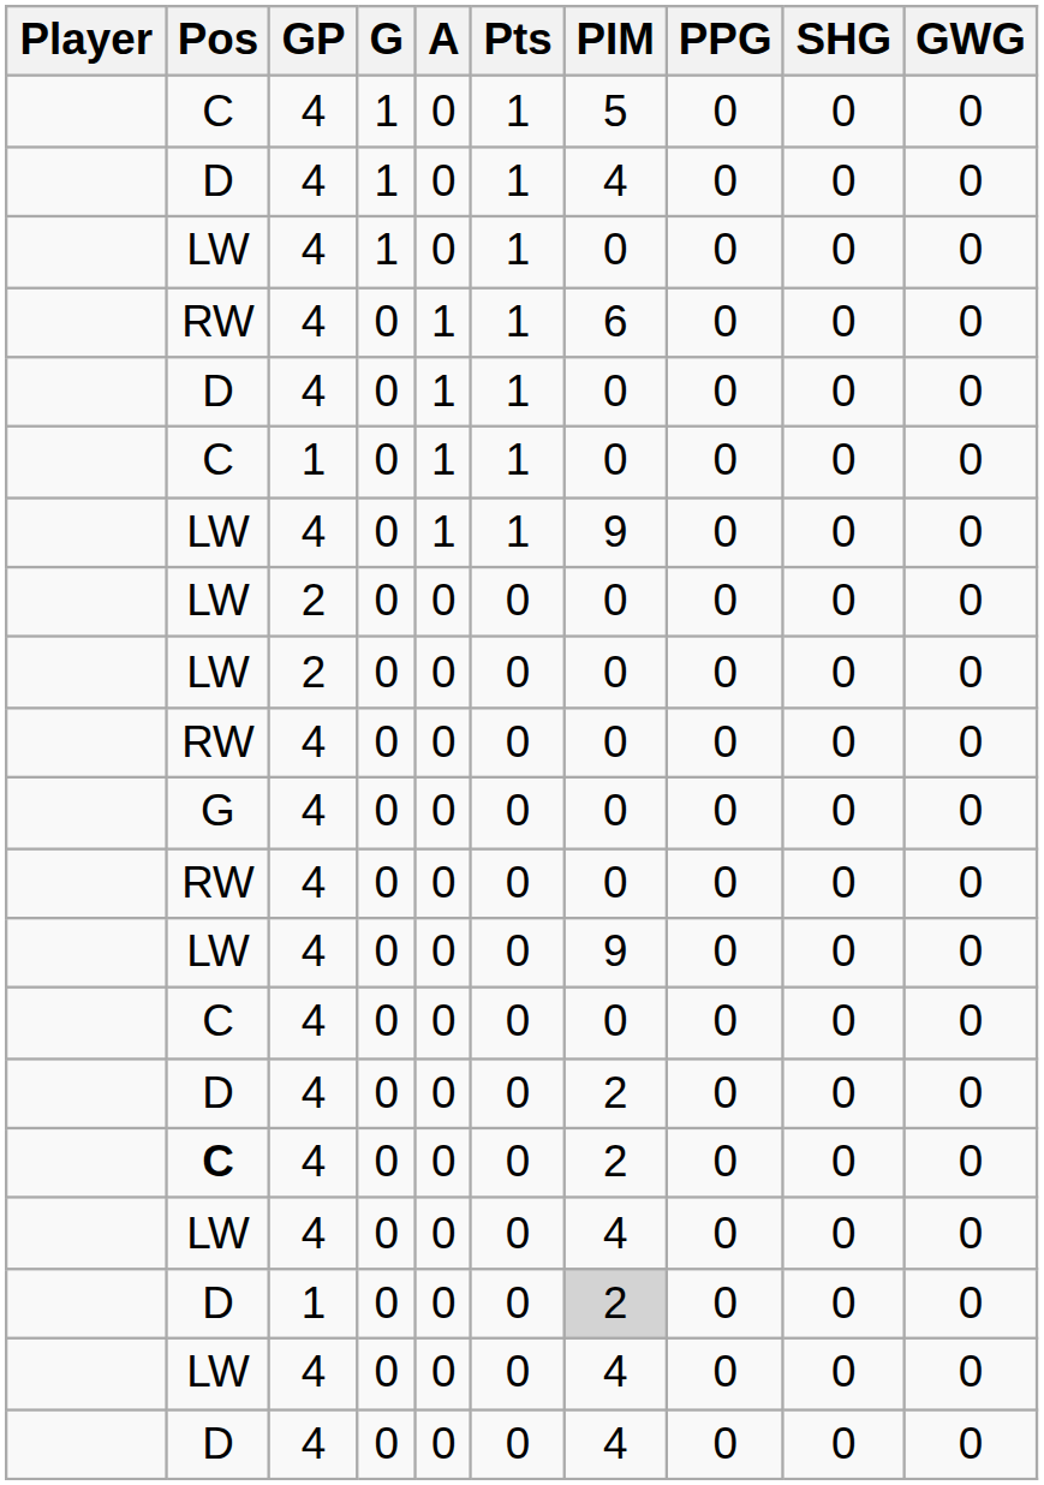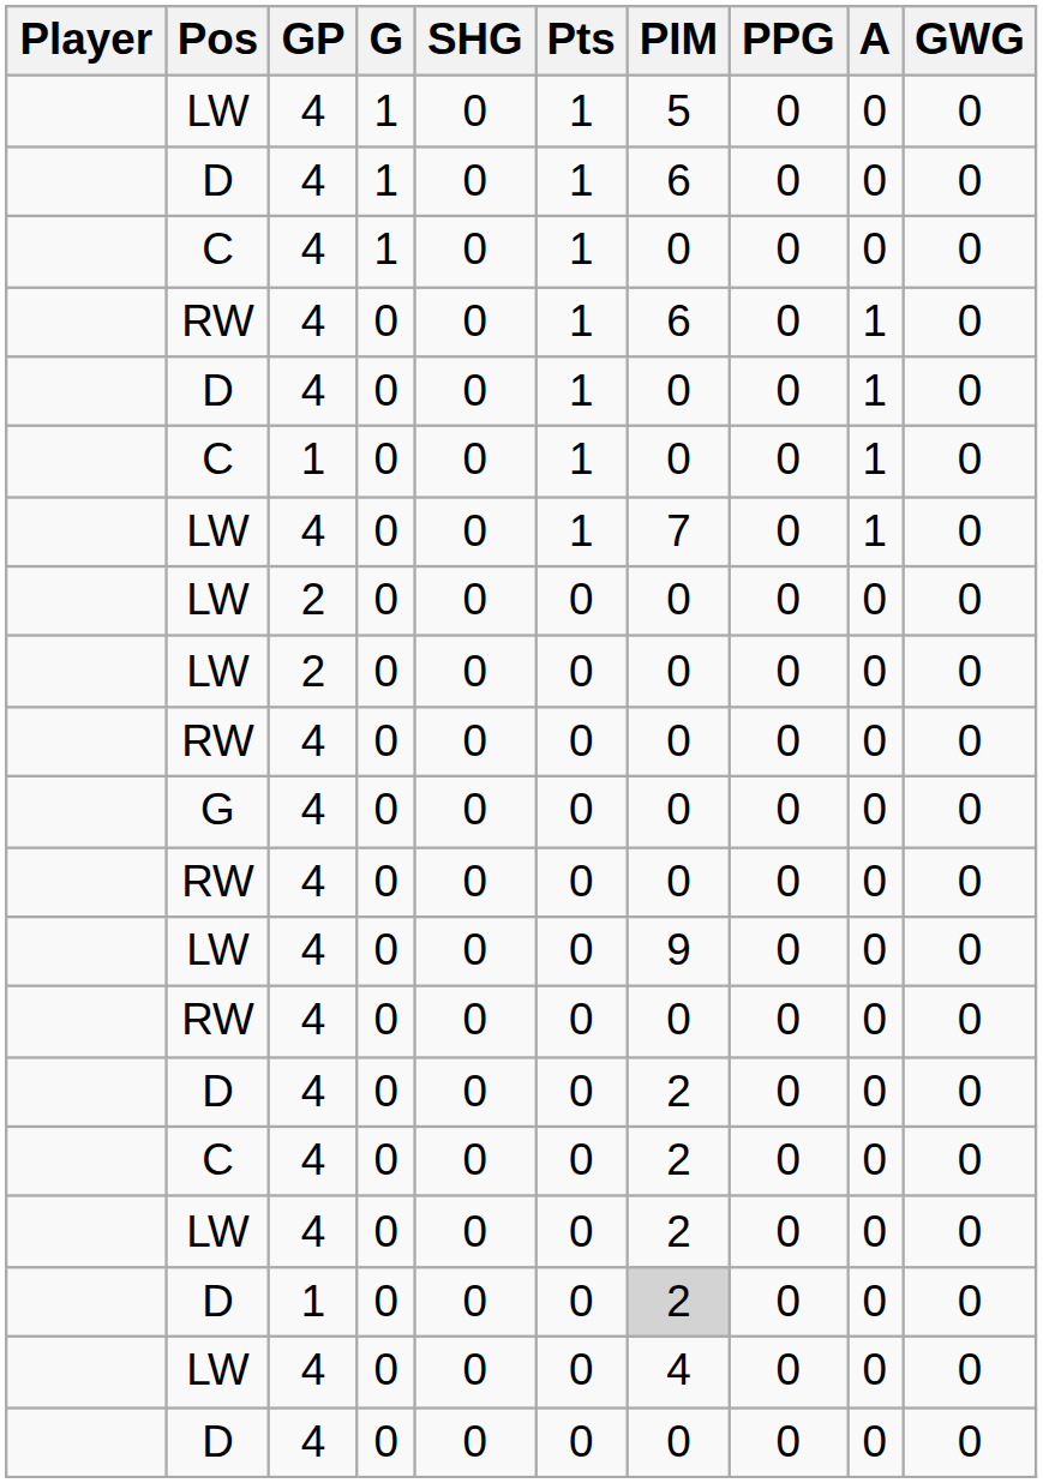 <table class="wikitable sortable" width="60%">
 <tr ALIGN="center">
 <th bgcolor="#DDDDFF" width="10%">Player</th>
 <th bgcolor="#DDDDFF" width="3%" title="Position">Pos</th>
 <th bgcolor="#DDDDFF" width="5%" title="Games played">GP</th>
 <th bgcolor="#DDDDFF" width="5%" title="Goals">G</th>
-<th bgcolor="#DDDDFF" width="5%" title="Assists">A</th>
+<th bgcolor="#DDDDFF" width="5%" title="Short-handed goals">SHG</th>
 <th bgcolor="#DDDDFF" width="5%" title="Points">Pts</th>
 <th bgcolor="#DDDDFF" width="5%" title="Penalties in Minutes">PIM</th>
 <th bgcolor="#DDDDFF" width="5%" title="Power play goals">PPG</th>
-<th bgcolor="#DDDDFF" width="5%" title="Short-handed goals">SHG</th>
+<th bgcolor="#DDDDFF" width="5%" title="Assists">A</th>
 <th bgcolor="#DDDDFF" width="5%" title="Game-winning goals">GWG</th>
 </tr>
 <tr align="center">
 <td align="right"></td>
-<td>C</td>
+<td>LW</td>
 <td>4</td>
 <td>1</td>
 <td>0</td>
 <td>1</td>
 <td>5</td>
 <td>0</td>
 <td>0</td>
 <td>0</td>
 </tr>
 <tr align="center">
 <td align="right"></td>
 <td>D</td>
 <td>4</td>
 <td>1</td>
 <td>0</td>
 <td>1</td>
-<td>4</td>
+<td>6</td>
 <td>0</td>
 <td>0</td>
 <td>0</td>
 </tr>
 <tr align="center">
 <td align="right"></td>
-<td>LW</td>
+<td>C</td>
 <td>4</td>
 <td>1</td>
 <td>0</td>
 <td>1</td>
 <td>0</td>
 <td>0</td>
 <td>0</td>
 <td>0</td>
 </tr>
 <tr align="center">
 <td align="right"></td>
 <td>RW</td>
 <td>4</td>
 <td>0</td>
-<td>1</td>
+<td>0</td>
 <td>1</td>
 <td>6</td>
 <td>0</td>
-<td>0</td>
+<td>1</td>
 <td>0</td>
 </tr>
 <tr align="center">
 <td align="right"></td>
 <td>D</td>
 <td>4</td>
 <td>0</td>
-<td>1</td>
+<td>0</td>
 <td>1</td>
 <td>0</td>
 <td>0</td>
-<td>0</td>
+<td>1</td>
 <td>0</td>
 </tr>
 <tr align="center">
 <td align="right"></td>
 <td>C</td>
 <td>1</td>
 <td>0</td>
-<td>1</td>
+<td>0</td>
 <td>1</td>
 <td>0</td>
 <td>0</td>
-<td>0</td>
+<td>1</td>
 <td>0</td>
 </tr>
 <tr align="center">
 <td align="right"></td>
 <td>LW</td>
 <td>4</td>
 <td>0</td>
+<td>0</td>
 <td>1</td>
+<td>7</td>
+<td>0</td>
 <td>1</td>
-<td>9</td>
-<td>0</td>
-<td>0</td>
 <td>0</td>
 </tr>
 <tr align="center">
 <td align="right"></td>
 <td>LW</td>
 <td>2</td>
 <td>0</td>
 <td>0</td>
 <td>0</td>
 <td>0</td>
 <td>0</td>
 <td>0</td>
 <td>0</td>
 </tr>
 <tr align="center">
 <td align="right"></td>
 <td>LW</td>
 <td>2</td>
 <td>0</td>
 <td>0</td>
 <td>0</td>
 <td>0</td>
 <td>0</td>
 <td>0</td>
 <td>0</td>
 </tr>
 <tr align="center">
 <td align="right"></td>
 <td>RW</td>
 <td>4</td>
 <td>0</td>
 <td>0</td>
 <td>0</td>
 <td>0</td>
 <td>0</td>
 <td>0</td>
 <td>0</td>
 </tr>
 <tr align="center">
 <td align="right"></td>
 <td>G</td>
 <td>4</td>
 <td>0</td>
 <td>0</td>
 <td>0</td>
 <td>0</td>
 <td>0</td>
 <td>0</td>
 <td>0</td>
 </tr>
 <tr align="center">
 <td align="right"></td>
 <td>RW</td>
 <td>4</td>
 <td>0</td>
 <td>0</td>
 <td>0</td>
 <td>0</td>
 <td>0</td>
 <td>0</td>
 <td>0</td>
 </tr>
 <tr align="center">
 <td align="right"></td>
 <td>LW</td>
 <td>4</td>
 <td>0</td>
 <td>0</td>
 <td>0</td>
 <td>9</td>
 <td>0</td>
 <td>0</td>
 <td>0</td>
 </tr>
 <tr align="center">
 <td align="right"></td>
-<td>C</td>
+<td>RW</td>
 <td>4</td>
 <td>0</td>
 <td>0</td>
 <td>0</td>
 <td>0</td>
 <td>0</td>
 <td>0</td>
 <td>0</td>
 </tr>
 <tr align="center">
 <td align="right"></td>
 <td>D</td>
 <td>4</td>
 <td>0</td>
 <td>0</td>
 <td>0</td>
 <td>2</td>
 <td>0</td>
 <td>0</td>
 <td>0</td>
 </tr>
 <tr align="center">
 <td align="right"></td>
-<td><strong>C</strong></td>
+<td>C</td>
 <td>4</td>
 <td>0</td>
 <td>0</td>
 <td>0</td>
 <td>2</td>
 <td>0</td>
 <td>0</td>
 <td>0</td>
 </tr>
 <tr align="center">
 <td align="right"></td>
 <td>LW</td>
 <td>4</td>
 <td>0</td>
 <td>0</td>
 <td>0</td>
-<td>4</td>
+<td>2</td>
 <td>0</td>
 <td>0</td>
 <td>0</td>
 </tr>
 <tr align="center">
 <td align="right"></td>
 <td>D</td>
 <td>1</td>
 <td>0</td>
 <td>0</td>
 <td>0</td>
 <td style="background: lightgrey;">2</td>
 <td>0</td>
 <td>0</td>
 <td>0</td>
 </tr>
 <tr align="center">
 <td align="right"></td>
 <td>LW</td>
 <td>4</td>
 <td>0</td>
 <td>0</td>
 <td>0</td>
 <td>4</td>
 <td>0</td>
 <td>0</td>
 <td>0</td>
 </tr>
 <tr align="center">
 <td align="right"></td>
 <td>D</td>
 <td>4</td>
 <td>0</td>
 <td>0</td>
 <td>0</td>
-<td>4</td>
+<td>0</td>
 <td>0</td>
 <td>0</td>
 <td>0</td>
 </tr>
 </table>
